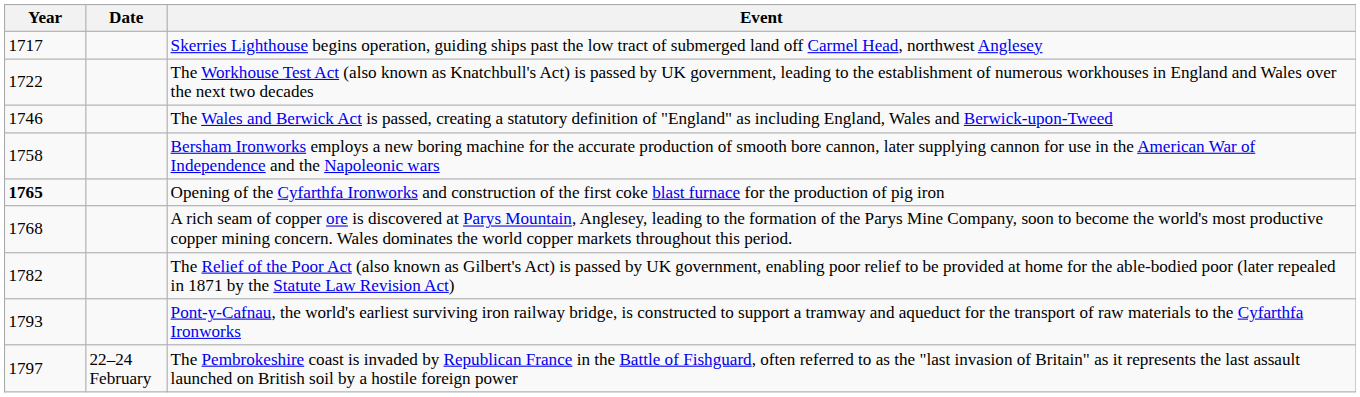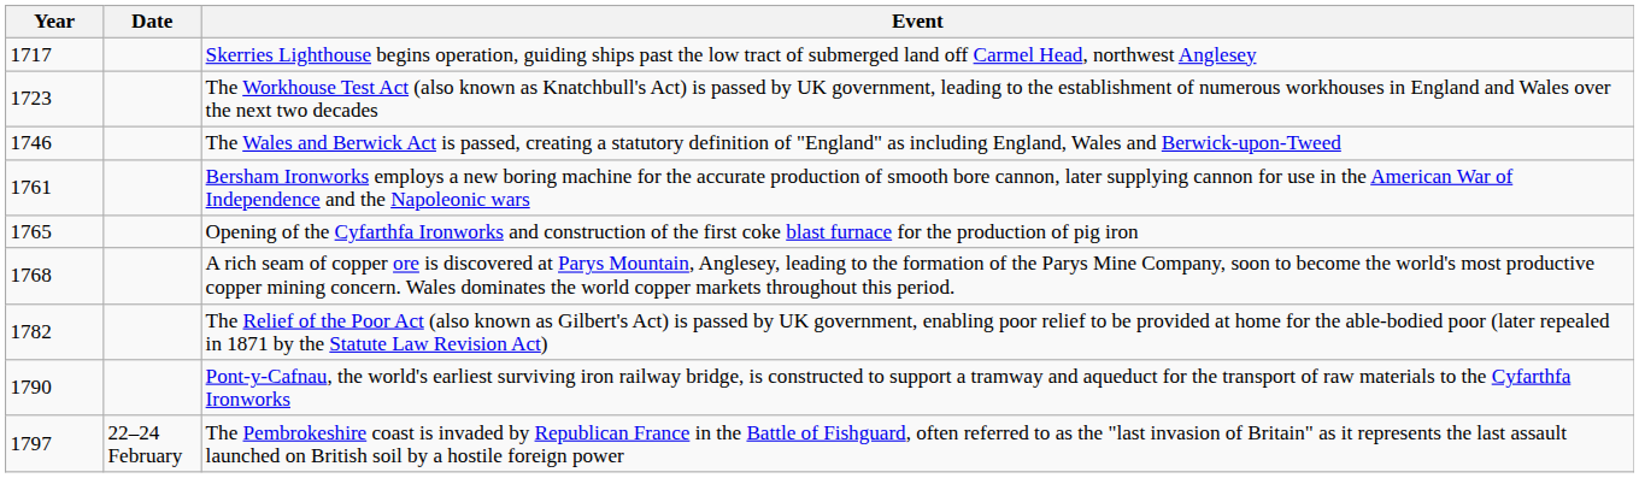 <table class="wikitable" width="100%">
 <tr>
 <th style="width:6%">Year</th>
 <th style="width:6%">Date</th>
 <th>Event</th>
 </tr>
 <tr>
 <td>1717</td>
 <td></td>
 <td><a href='#'>Skerries Lighthouse</a> begins operation, guiding ships past the low tract of submerged land off <a href='#'>Carmel Head</a>, northwest <a href='#'>Anglesey</a></td>
 </tr>
 <tr>
-<td>1722</td>
+<td>1723</td>
 <td></td>
 <td>The <a href='#'>Workhouse Test Act</a> (also known as Knatchbull's Act) is passed by UK government, leading to the establishment of numerous workhouses in England and Wales over the next two decades</td>
 </tr>
 <tr>
 <td>1746</td>
 <td></td>
 <td>The <a href='#'>Wales and Berwick Act</a> is passed, creating a statutory definition of "England" as including England, Wales and <a href='#'>Berwick-upon-Tweed</a></td>
 </tr>
 <tr>
-<td>1758</td>
+<td>1761</td>
 <td></td>
 <td><a href='#'>Bersham Ironworks</a> employs a new boring machine for the accurate production of smooth bore cannon, later supplying cannon for use in the <a href='#'>American War of Independence</a> and the <a href='#'>Napoleonic wars</a></td>
 </tr>
 <tr>
-<td><strong>1765</strong></td>
+<td>1765</td>
 <td></td>
 <td>Opening of the <a href='#'>Cyfarthfa Ironworks</a> and construction of the first coke <a href='#'>blast furnace</a> for the production of pig iron</td>
 </tr>
 <tr>
 <td>1768</td>
 <td></td>
 <td>A rich seam of copper <a href='#'>ore</a> is discovered at <a href='#'>Parys Mountain</a>, Anglesey, leading to the formation of the Parys Mine Company, soon to become the world's most productive copper mining concern. Wales dominates the world copper markets throughout this period.</td>
 </tr>
 <tr>
 <td>1782</td>
 <td></td>
 <td>The <a href='#'>Relief of the Poor Act</a> (also known as Gilbert's Act) is passed by UK government, enabling poor relief to be provided at home for the able-bodied poor (later repealed in 1871 by the <a href='#'>Statute Law Revision Act</a>)</td>
 </tr>
 <tr>
-<td>1793</td>
+<td>1790</td>
 <td></td>
 <td><a href='#'>Pont-y-Cafnau</a>, the world's earliest surviving iron railway bridge, is constructed to support a tramway and aqueduct for the transport of raw materials to the <a href='#'>Cyfarthfa Ironworks</a></td>
 </tr>
 <tr>
 <td>1797</td>
 <td>22–24 February</td>
 <td>The <a href='#'>Pembrokeshire</a> coast is invaded by <a href='#'>Republican France</a> in the <a href='#'>Battle of Fishguard</a>, often referred to as the "last invasion of Britain" as it represents the last assault launched on British soil by a hostile foreign power</td>
 </tr>
 </table>
